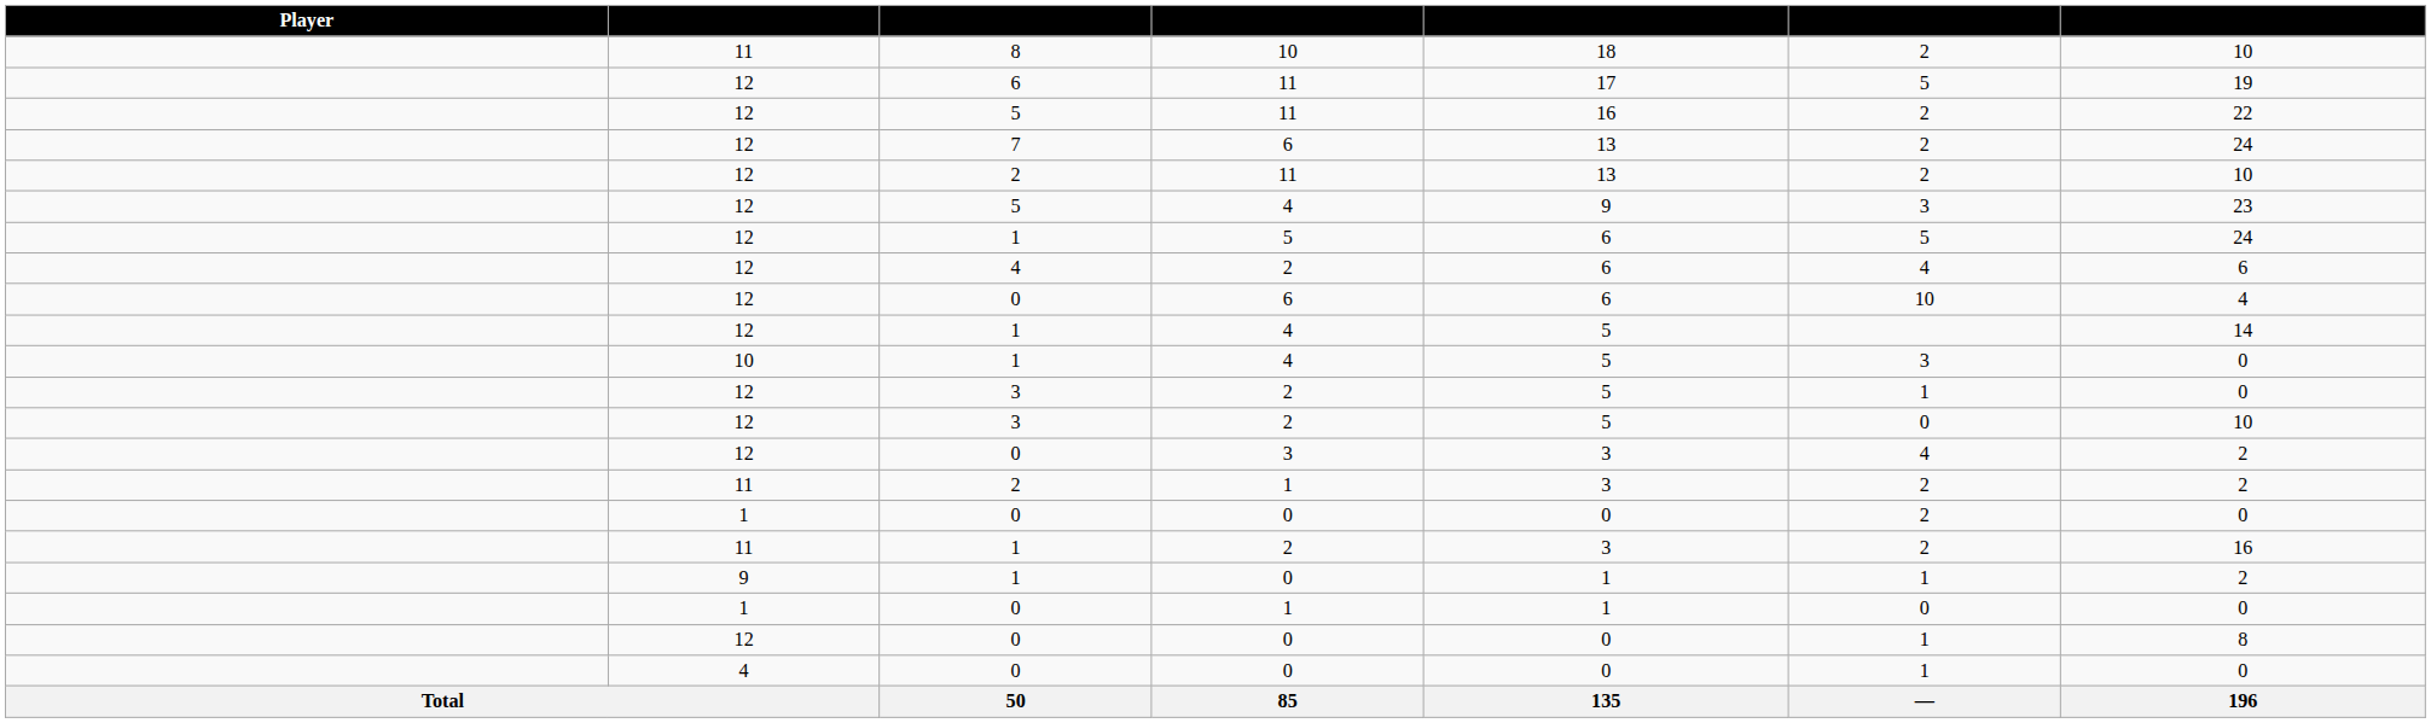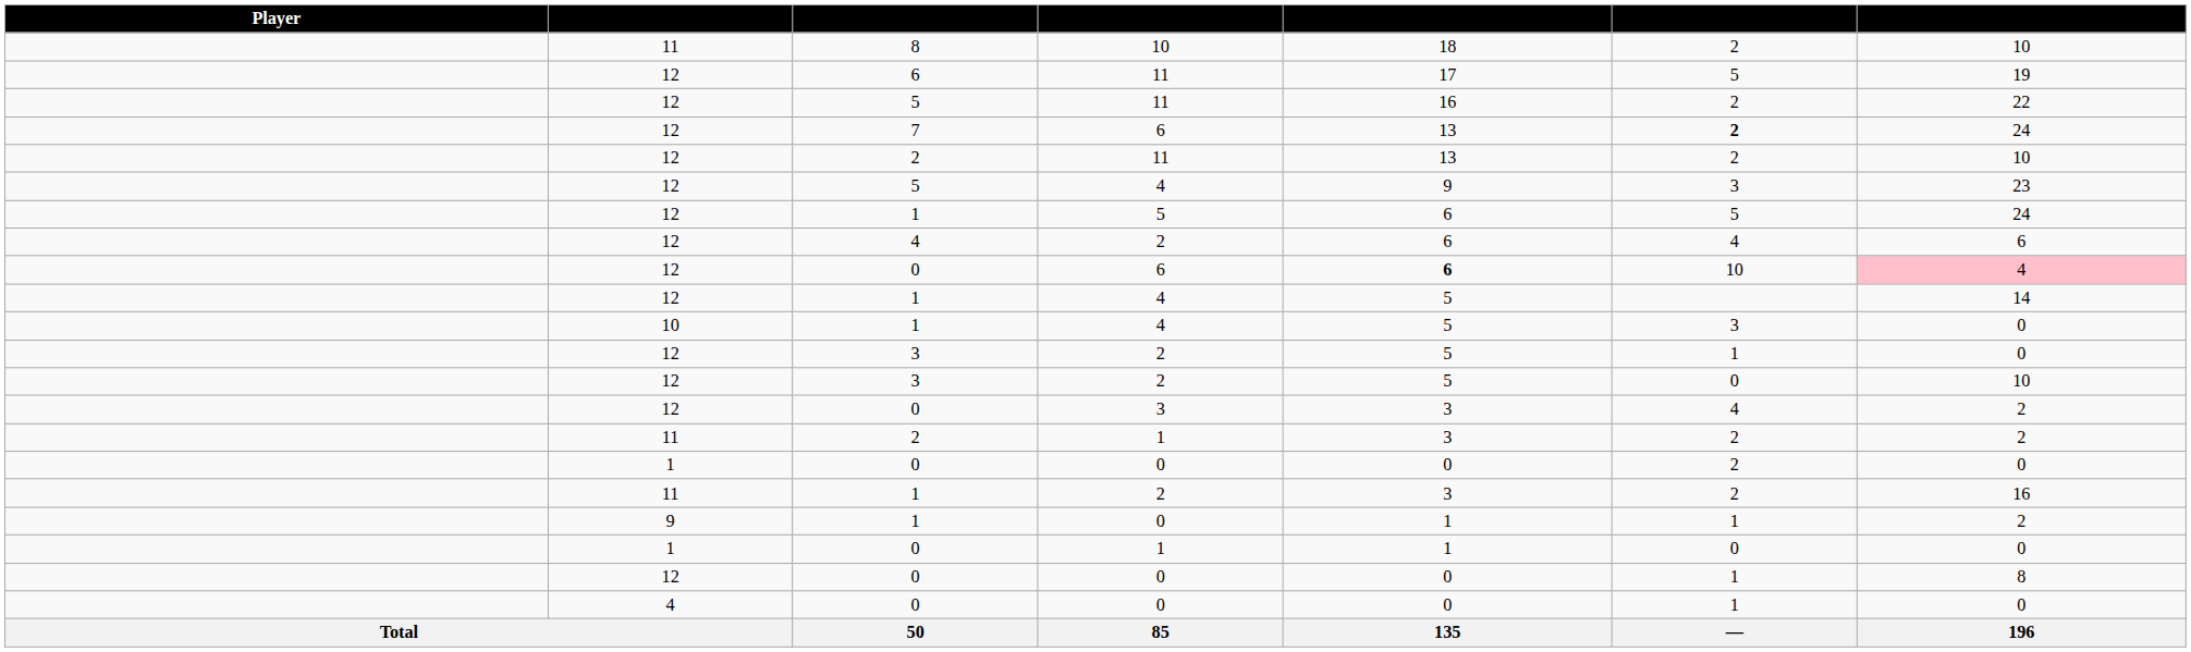 <table class="wikitable sortable" style="width:100%; text-align:center;">
 <tr>
 <th style="color:white; background:#000000; ">Player</th>
 <th style="color:white; background:#000000; "></th>
 <th style="color:white; background:#000000; "></th>
 <th style="color:white; background:#000000; "></th>
 <th style="color:white; background:#000000; "></th>
 <th style="color:white; background:#000000; "></th>
 <th style="color:white; background:#000000; "></th>
 </tr>
 <tr>
 <td></td>
 <td>11</td>
 <td>8</td>
 <td>10</td>
 <td>18</td>
 <td>2</td>
 <td>10</td>
 </tr>
 <tr>
 <td></td>
 <td>12</td>
 <td>6</td>
 <td>11</td>
 <td>17</td>
 <td>5</td>
 <td>19</td>
 </tr>
 <tr>
 <td></td>
 <td>12</td>
 <td>5</td>
 <td>11</td>
 <td>16</td>
 <td>2</td>
 <td>22</td>
 </tr>
 <tr>
 <td></td>
 <td>12</td>
 <td>7</td>
 <td>6</td>
 <td>13</td>
-<td>2</td>
+<td><strong>2</strong></td>
 <td>24</td>
 </tr>
 <tr>
 <td></td>
 <td>12</td>
 <td>2</td>
 <td>11</td>
 <td>13</td>
 <td>2</td>
 <td>10</td>
 </tr>
 <tr>
 <td></td>
 <td>12</td>
 <td>5</td>
 <td>4</td>
 <td>9</td>
 <td>3</td>
 <td>23</td>
 </tr>
 <tr>
 <td></td>
 <td>12</td>
 <td>1</td>
 <td>5</td>
 <td>6</td>
 <td>5</td>
 <td>24</td>
 </tr>
 <tr>
 <td></td>
 <td>12</td>
 <td>4</td>
 <td>2</td>
 <td>6</td>
 <td>4</td>
 <td>6</td>
 </tr>
 <tr>
 <td></td>
 <td>12</td>
 <td>0</td>
 <td>6</td>
-<td>6</td>
+<td><strong>6</strong></td>
 <td>10</td>
-<td>4</td>
+<td style="background: pink;">4</td>
 </tr>
 <tr>
 <td></td>
 <td>12</td>
 <td>1</td>
 <td>4</td>
 <td>5</td>
 <td></td>
 <td>14</td>
 </tr>
 <tr>
 <td></td>
 <td>10</td>
 <td>1</td>
 <td>4</td>
 <td>5</td>
 <td>3</td>
 <td>0</td>
 </tr>
 <tr>
 <td></td>
 <td>12</td>
 <td>3</td>
 <td>2</td>
 <td>5</td>
 <td>1</td>
 <td>0</td>
 </tr>
 <tr>
 <td></td>
 <td>12</td>
 <td>3</td>
 <td>2</td>
 <td>5</td>
 <td>0</td>
 <td>10</td>
 </tr>
 <tr>
 <td></td>
 <td>12</td>
 <td>0</td>
 <td>3</td>
 <td>3</td>
 <td>4</td>
 <td>2</td>
 </tr>
 <tr>
 <td></td>
 <td>11</td>
 <td>2</td>
 <td>1</td>
 <td>3</td>
 <td>2</td>
 <td>2</td>
 </tr>
 <tr>
 <td></td>
 <td>1</td>
 <td>0</td>
 <td>0</td>
 <td>0</td>
 <td>2</td>
 <td>0</td>
 </tr>
 <tr>
 <td></td>
 <td>11</td>
 <td>1</td>
 <td>2</td>
 <td>3</td>
 <td>2</td>
 <td>16</td>
 </tr>
 <tr>
 <td></td>
 <td>9</td>
 <td>1</td>
 <td>0</td>
 <td>1</td>
 <td>1</td>
 <td>2</td>
 </tr>
 <tr>
 <td></td>
 <td>1</td>
 <td>0</td>
 <td>1</td>
 <td>1</td>
 <td>0</td>
 <td>0</td>
 </tr>
 <tr>
 <td></td>
 <td>12</td>
 <td>0</td>
 <td>0</td>
 <td>0</td>
 <td>1</td>
 <td>8</td>
 </tr>
 <tr>
 <td></td>
 <td>4</td>
 <td>0</td>
 <td>0</td>
 <td>0</td>
 <td>1</td>
 <td>0</td>
 </tr>
 <tr class="sortbotom">
 <th colspan=2>Total</th>
 <th>50</th>
 <th>85</th>
 <th>135</th>
 <th>—</th>
 <th>196</th>
 </tr>
 </table>
